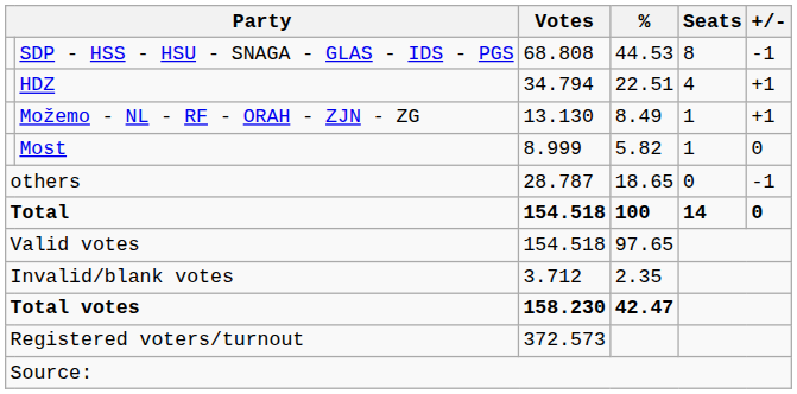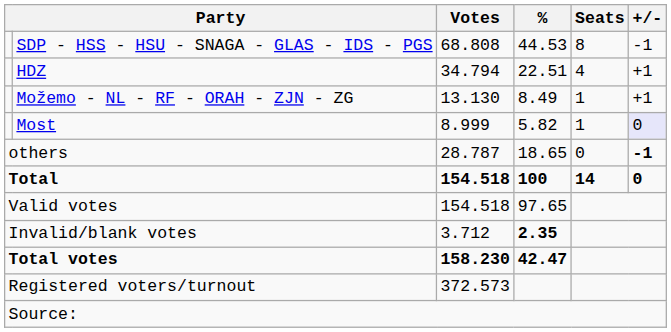 <table class="wikitable" style="text-align: left;">
 <tr>
 <th colspan="2">Party</th>
 <th>Votes</th>
 <th>%</th>
 <th>Seats</th>
 <th>+/-</th>
 </tr>
 <tr>
 <td style="background-color: "></td>
 <td><a href='#'>SDP</a> - <a href='#'>HSS</a> - <a href='#'>HSU</a> - SNAGA - <a href='#'>GLAS</a> - <a href='#'>IDS</a> - <a href='#'>PGS</a></td>
 <td>68.808</td>
 <td>44.53</td>
 <td>8</td>
 <td>-1</td>
 </tr>
 <tr>
 <td style="background-color: "></td>
 <td><a href='#'>HDZ</a></td>
 <td>34.794</td>
 <td>22.51</td>
 <td>4</td>
 <td>+1</td>
 </tr>
 <tr>
 <td style="background-color: "></td>
 <td><a href='#'>Možemo</a> - <a href='#'>NL</a> - <a href='#'>RF</a> - <a href='#'>ORAH</a> - <a href='#'>ZJN</a> - ZG</td>
 <td>13.130</td>
 <td>8.49</td>
 <td>1</td>
 <td>+1</td>
 </tr>
 <tr>
 <td style="background-color: "></td>
 <td><a href='#'>Most</a></td>
 <td>8.999</td>
 <td>5.82</td>
 <td>1</td>
-<td>0</td>
+<td style="background: lavender;">0</td>
 </tr>
 <tr>
 <td colspan="2">others</td>
 <td>28.787</td>
 <td>18.65</td>
 <td>0</td>
-<td>-1</td>
+<td><strong>-1</strong></td>
 </tr>
 <tr>
 <td colspan="2"><strong>Total</strong></td>
 <td><strong>154.518</strong></td>
 <td><strong>100</strong></td>
 <td><strong>14</strong></td>
 <td><strong>0</strong></td>
 </tr>
 <tr>
 <td colspan="2">Valid votes</td>
 <td>154.518</td>
 <td>97.65</td>
 <td colspan="2"></td>
 </tr>
 <tr>
 <td colspan="2">Invalid/blank votes</td>
 <td>3.712</td>
-<td>2.35</td>
+<td><strong>2.35</strong></td>
 <td colspan="2"></td>
 </tr>
 <tr>
 <td colspan="2"><strong>Total votes</strong></td>
 <td><strong>158.230</strong></td>
 <td><strong>42.47</strong></td>
 <td colspan="2"></td>
 </tr>
 <tr>
 <td colspan="2">Registered voters/turnout</td>
 <td votes14="5343">372.573</td>
 <td></td>
 <td colspan="2"></td>
 </tr>
 <tr>
 <td colspan="6">Source: </td>
 </tr>
 </table>
